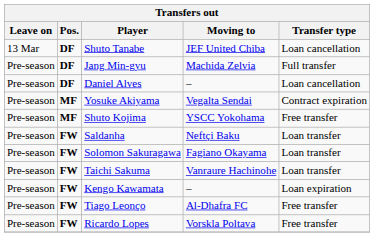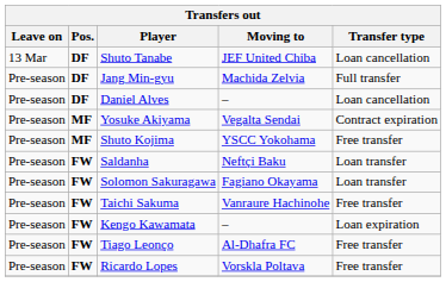 <table class="wikitable sortable" style=“text-align:left;>
 <tr>
 <th colspan="5">Transfers out</th>
 </tr>
 <tr>
 <th>Leave on</th>
 <th>Pos.</th>
 <th>Player</th>
 <th>Moving to</th>
 <th>Transfer type</th>
 </tr>
 <tr>
 <td>13 Mar</td>
 <td><strong>DF</strong></td>
 <td> <a href='#'>Shuto Tanabe</a></td>
 <td> <a href='#'>JEF United Chiba</a></td>
 <td>Loan cancellation</td>
 </tr>
 <tr>
 <td>Pre-season</td>
 <td><strong>DF</strong></td>
 <td> <a href='#'>Jang Min-gyu</a></td>
 <td> <a href='#'>Machida Zelvia</a></td>
 <td>Full transfer</td>
 </tr>
 <tr>
 <td>Pre-season</td>
 <td><strong>DF</strong></td>
 <td> <a href='#'>Daniel Alves</a></td>
 <td>–</td>
 <td>Loan cancellation</td>
 </tr>
 <tr>
 <td>Pre-season</td>
 <td><strong>MF</strong></td>
 <td> <a href='#'>Yosuke Akiyama</a></td>
 <td> <a href='#'>Vegalta Sendai</a></td>
 <td>Contract expiration</td>
 </tr>
 <tr>
 <td>Pre-season</td>
 <td><strong>MF</strong></td>
 <td> <a href='#'>Shuto Kojima</a></td>
 <td> <a href='#'>YSCC Yokohama</a></td>
 <td>Free transfer</td>
 </tr>
 <tr>
 <td>Pre-season</td>
 <td><strong>FW</strong></td>
 <td> <a href='#'>Saldanha</a></td>
 <td> <a href='#'>Neftçi Baku</a></td>
 <td>Loan transfer</td>
 </tr>
 <tr>
 <td>Pre-season</td>
 <td><strong>FW</strong></td>
 <td> <a href='#'>Solomon Sakuragawa</a></td>
 <td> <a href='#'>Fagiano Okayama</a></td>
 <td>Loan transfer</td>
 </tr>
 <tr>
 <td>Pre-season</td>
 <td><strong>FW</strong></td>
 <td> <a href='#'>Taichi Sakuma</a></td>
 <td> <a href='#'>Vanraure Hachinohe</a></td>
-<td>Loan transfer</td>
+<td>Free transfer</td>
 </tr>
 <tr>
 <td>Pre-season</td>
 <td><strong>FW</strong></td>
 <td> <a href='#'>Kengo Kawamata</a></td>
 <td>–</td>
 <td>Loan expiration</td>
 </tr>
 <tr>
 <td>Pre-season</td>
 <td><strong>FW</strong></td>
 <td> <a href='#'>Tiago Leonço</a></td>
 <td> <a href='#'>Al-Dhafra FC</a></td>
 <td>Free transfer</td>
 </tr>
 <tr>
 <td>Pre-season</td>
 <td><strong>FW</strong></td>
 <td> <a href='#'>Ricardo Lopes</a></td>
 <td> <a href='#'>Vorskla Poltava</a></td>
 <td>Free transfer</td>
 </tr>
 <tr>
 </tr>
 </table>
